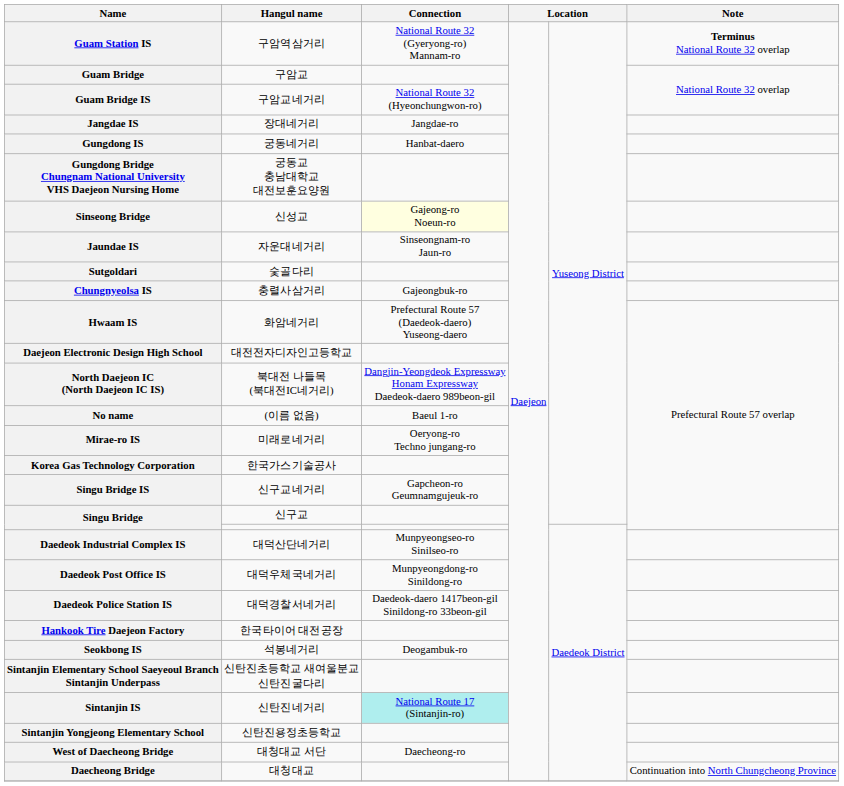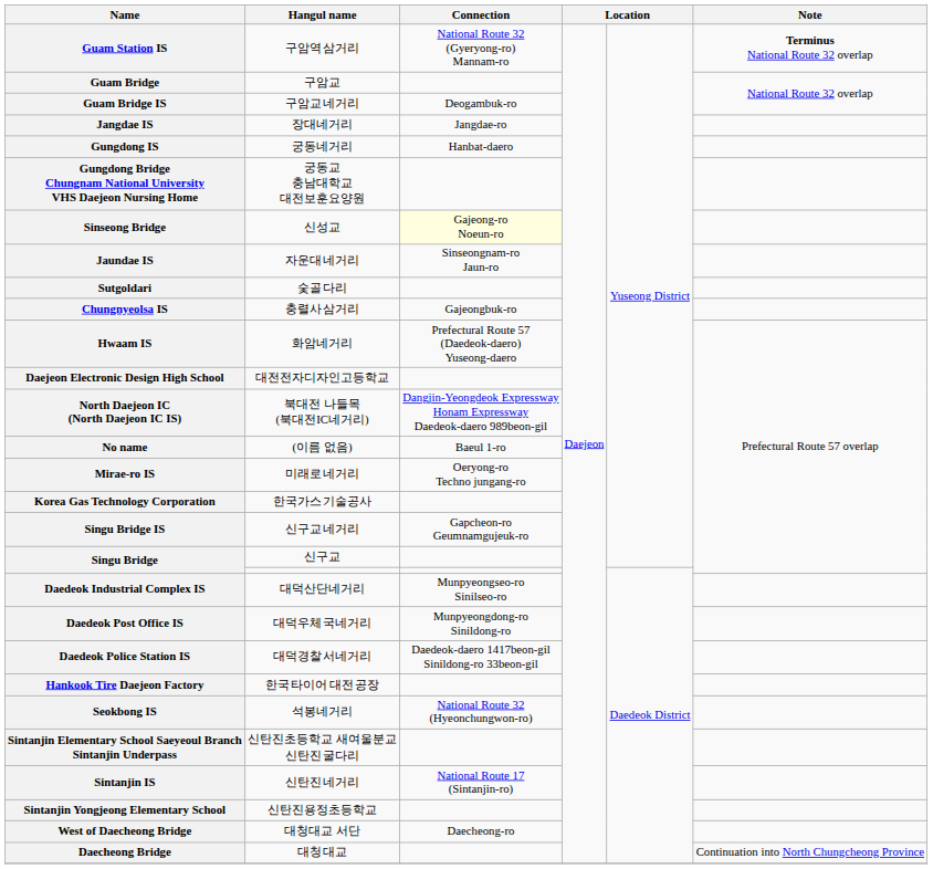 <table class="wikitable" style="font-size: 85%; text-align: center;">
 <tr>
 <th>Name </th>
 <th>Hangul name</th>
 <th>Connection</th>
 <th colspan="2">Location</th>
 <th>Note</th>
 </tr>
 <tr>
 <th><a href='#'>Guam Station</a> IS</th>
 <td>구암역삼거리</td>
 <td><a href='#'>National Route 32</a><br>(Gyeryong-ro)<br>Mannam-ro</td>
 <td rowspan=29><a href='#'>Daejeon</a></td>
 <td rowspan=18><a href='#'>Yuseong District</a></td>
 <td><strong>Terminus</strong><br><a href='#'>National Route 32</a> overlap</td>
 </tr>
 <tr>
 <th>Guam Bridge</th>
 <td>구암교</td>
 <td></td>
 <td rowspan=2><a href='#'>National Route 32</a> overlap</td>
 </tr>
 <tr>
 <th>Guam Bridge IS</th>
 <td>구암교네거리</td>
-<td><a href='#'>National Route 32</a><br>(Hyeonchungwon-ro)</td>
+<td>Deogambuk-ro</td>
 </tr>
 <tr>
 <th>Jangdae IS</th>
 <td>장대네거리</td>
 <td>Jangdae-ro</td>
 <td></td>
 </tr>
 <tr>
 <th>Gungdong IS</th>
 <td>궁동네거리</td>
 <td>Hanbat-daero</td>
 <td></td>
 </tr>
 <tr>
 <th>Gungdong Bridge<br><a href='#'>Chungnam National University</a><br>VHS Daejeon Nursing Home</th>
 <td>궁동교<br>충남대학교<br>대전보훈요양원</td>
 <td></td>
 <td></td>
 </tr>
 <tr>
 <th>Sinseong Bridge</th>
 <td>신성교</td>
 <td style="background: lightyellow;">Gajeong-ro<br>Noeun-ro</td>
 <td></td>
 </tr>
 <tr>
 <th>Jaundae IS</th>
 <td>자운대네거리</td>
 <td>Sinseongnam-ro<br>Jaun-ro</td>
 <td></td>
 </tr>
 <tr>
 <th>Sutgoldari</th>
 <td>숯골다리</td>
 <td></td>
 <td></td>
 </tr>
 <tr>
 <th><a href='#'>Chungnyeolsa</a> IS</th>
 <td>충렬사삼거리</td>
 <td>Gajeongbuk-ro</td>
 <td></td>
 </tr>
 <tr>
 <th>Hwaam IS</th>
 <td>화암네거리</td>
 <td>Prefectural Route 57 <br>(Daedeok-daero)<br>Yuseong-daero</td>
 <td rowspan=9>Prefectural Route 57 overlap</td>
 </tr>
 <tr>
 <th>Daejeon Electronic Design High School</th>
 <td>대전전자디자인고등학교</td>
 <td></td>
 </tr>
 <tr>
 <th>North Daejeon IC<br>(North Daejeon IC IS)</th>
 <td>북대전 나들목<br>(북대전IC네거리)</td>
 <td><a href='#'>Dangjin-Yeongdeok Expressway</a><br><a href='#'>Honam Expressway</a><br>Daedeok-daero 989beon-gil</td>
 </tr>
 <tr>
 <th>No name</th>
 <td>(이름 없음)</td>
 <td>Baeul 1-ro</td>
 </tr>
 <tr>
 <th>Mirae-ro IS</th>
 <td>미래로네거리</td>
 <td>Oeryong-ro<br>Techno jungang-ro</td>
 </tr>
 <tr>
 <th>Korea Gas Technology Corporation</th>
 <td>한국가스기술공사</td>
 <td></td>
 </tr>
 <tr>
 <th>Singu Bridge IS</th>
 <td>신구교네거리</td>
 <td>Gapcheon-ro<br>Geumnamgujeuk-ro</td>
 </tr>
 <tr>
 <th rowspan=2>Singu Bridge</th>
 <td>신구교</td>
 <td></td>
 </tr>
 <tr>
 <td></td>
 <td></td>
 <td rowspan=11><a href='#'>Daedeok District</a></td>
 </tr>
 <tr>
 <th>Daedeok Industrial Complex IS</th>
 <td>대덕산단네거리</td>
 <td>Munpyeongseo-ro<br>Sinilseo-ro</td>
 <td></td>
 </tr>
 <tr>
 <th>Daedeok Post Office IS</th>
 <td>대덕우체국네거리</td>
 <td>Munpyeongdong-ro<br>Sinildong-ro</td>
 <td></td>
 </tr>
 <tr>
 <th>Daedeok Police Station IS</th>
 <td>대덕경찰서네거리</td>
 <td>Daedeok-daero 1417beon-gil<br>Sinildong-ro 33beon-gil</td>
 <td></td>
 </tr>
 <tr>
 <th><a href='#'>Hankook Tire</a> Daejeon Factory</th>
 <td>한국타이어 대전공장</td>
 <td></td>
 <td></td>
 </tr>
 <tr>
 <th>Seokbong IS</th>
 <td>석봉네거리</td>
-<td>Deogambuk-ro</td>
+<td><a href='#'>National Route 32</a><br>(Hyeonchungwon-ro)</td>
 <td></td>
 </tr>
 <tr>
 <th>Sintanjin Elementary School Saeyeoul Branch<br>Sintanjin Underpass</th>
 <td>신탄진초등학교 새여울분교<br>신탄진굴다리</td>
 <td></td>
 <td></td>
 </tr>
 <tr>
 <th>Sintanjin IS</th>
 <td>신탄진네거리</td>
-<td style="background: paleturquoise;"><a href='#'>National Route 17</a><br>(Sintanjin-ro)</td>
+<td><a href='#'>National Route 17</a><br>(Sintanjin-ro)</td>
 <td></td>
 </tr>
 <tr>
 <th>Sintanjin Yongjeong Elementary School</th>
 <td>신탄진용정초등학교</td>
 <td></td>
 <td></td>
 </tr>
 <tr>
 <th>West of Daecheong Bridge</th>
 <td>대청대교 서단</td>
 <td>Daecheong-ro</td>
 <td></td>
 </tr>
 <tr>
 <th>Daecheong Bridge</th>
 <td>대청대교</td>
 <td></td>
 <td>Continuation into <a href='#'>North Chungcheong Province</a></td>
 </tr>
 <tr>
 </tr>
 </table>
